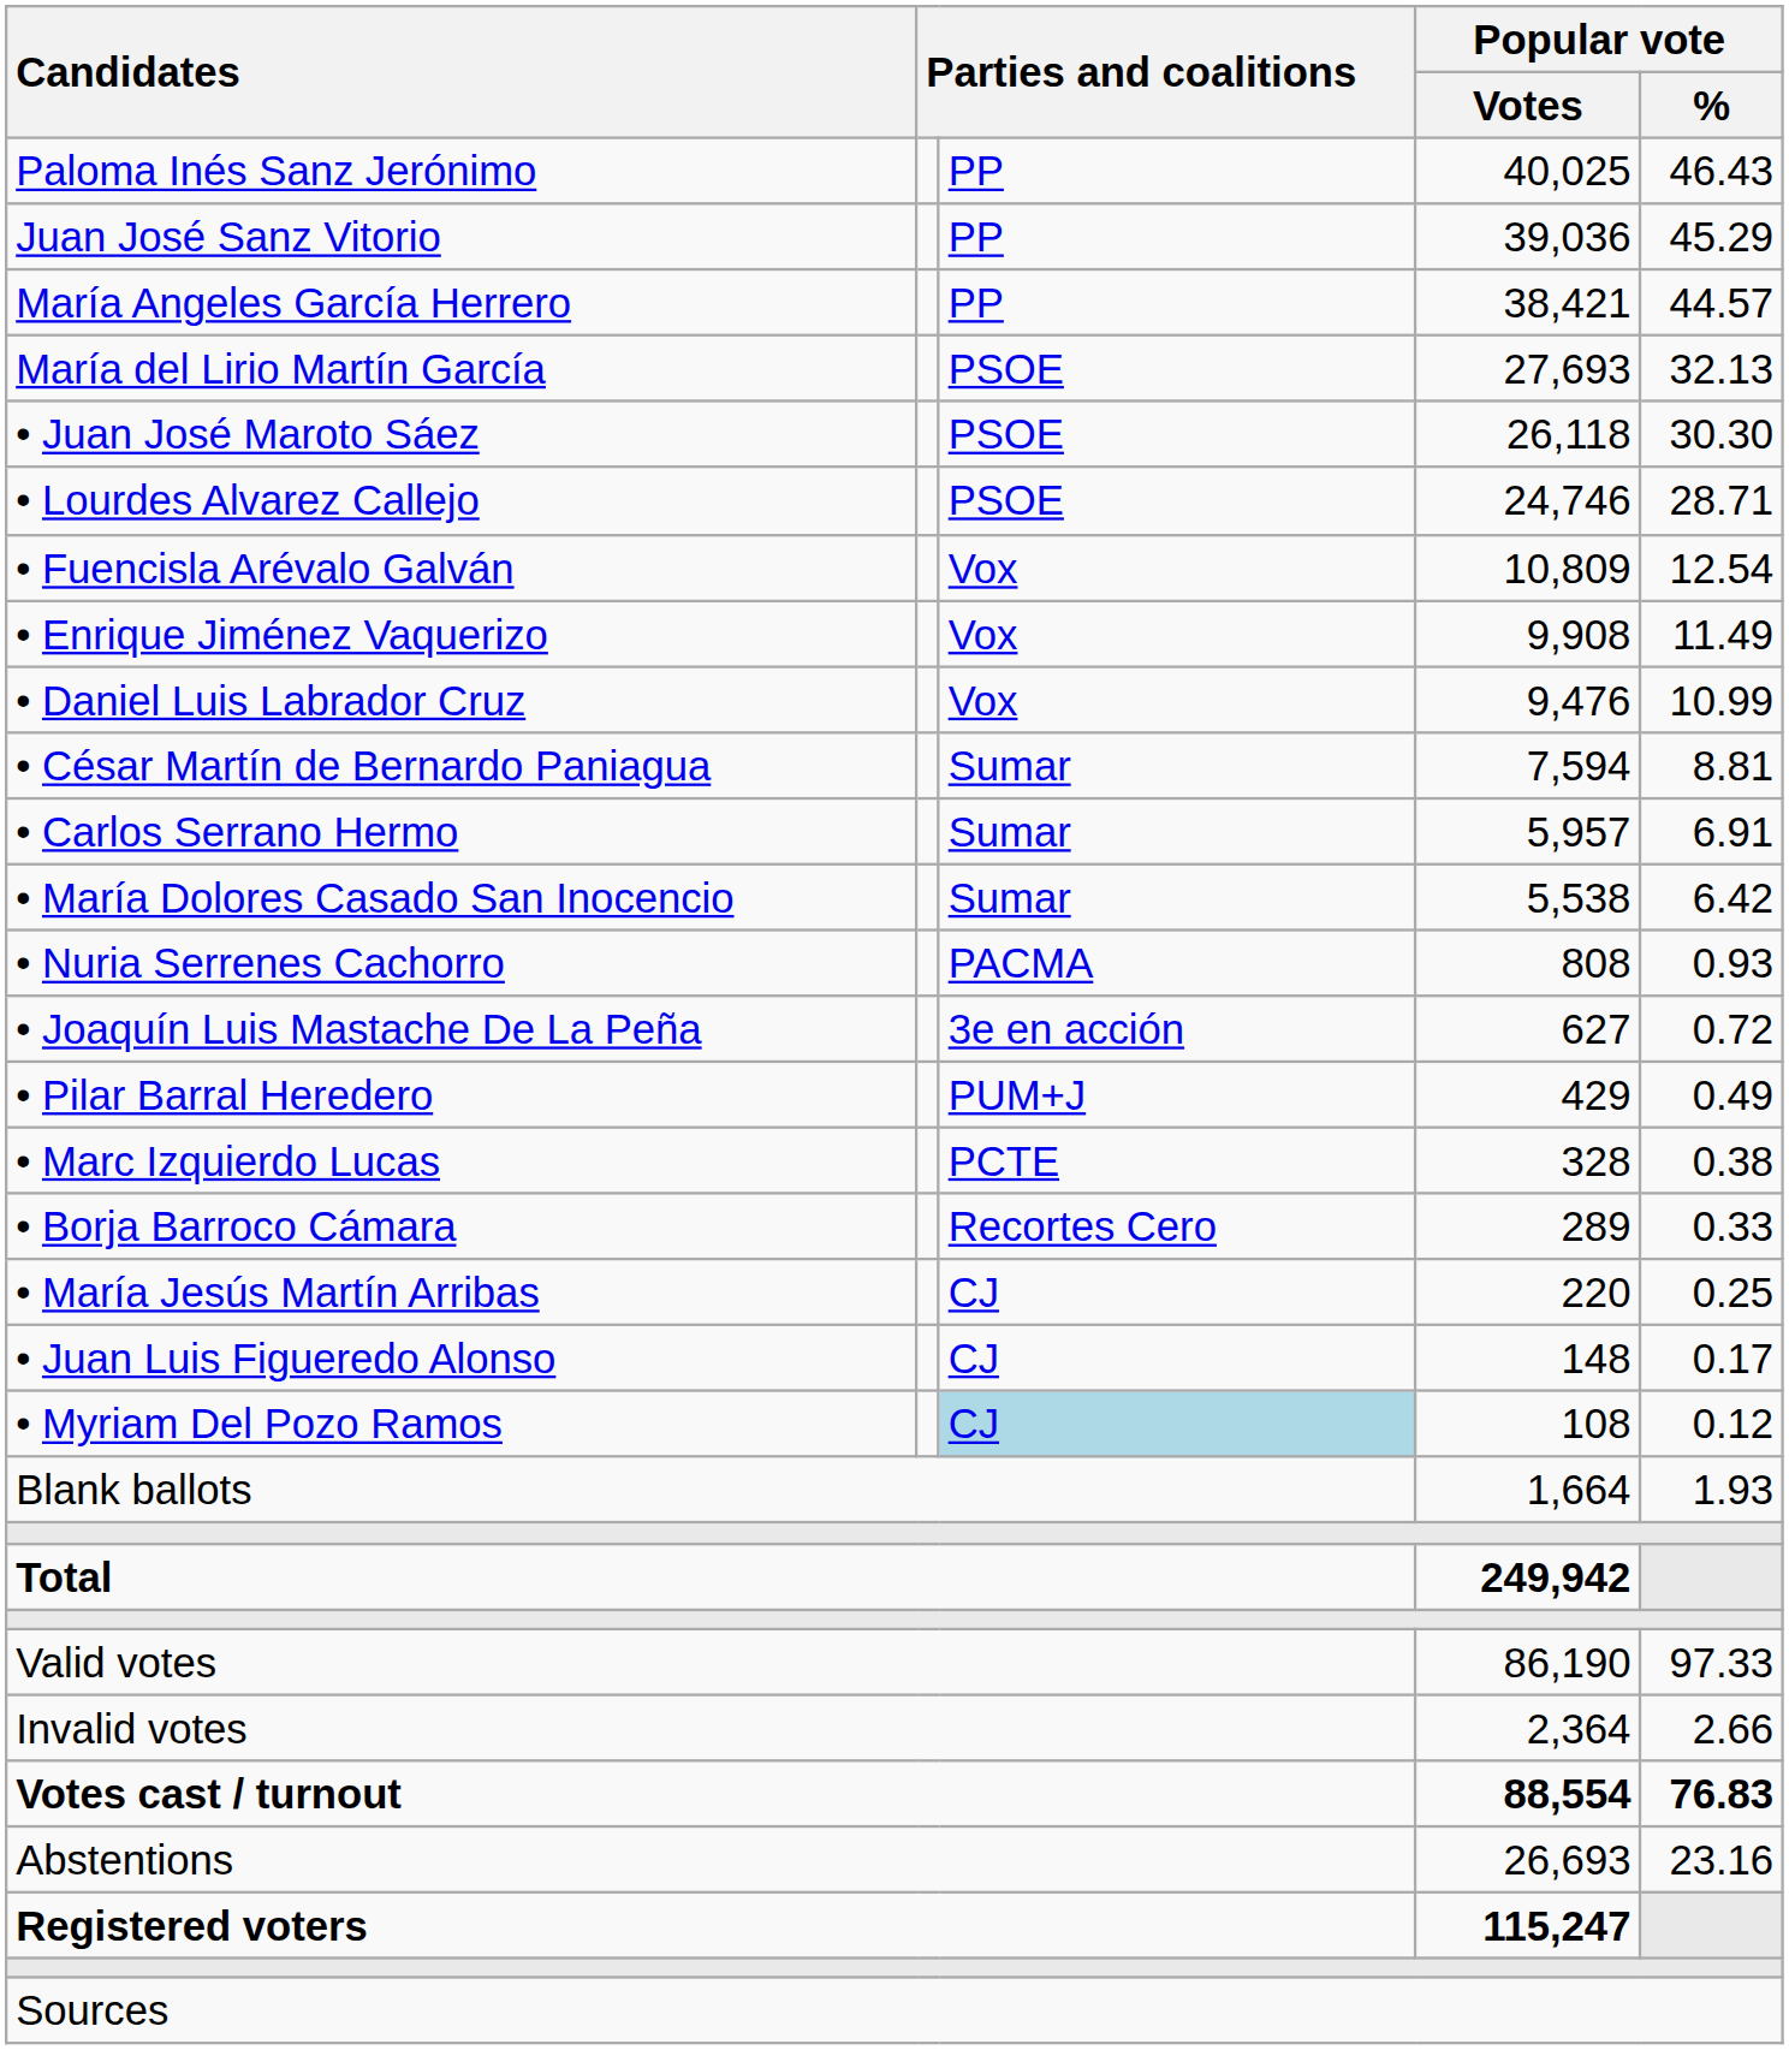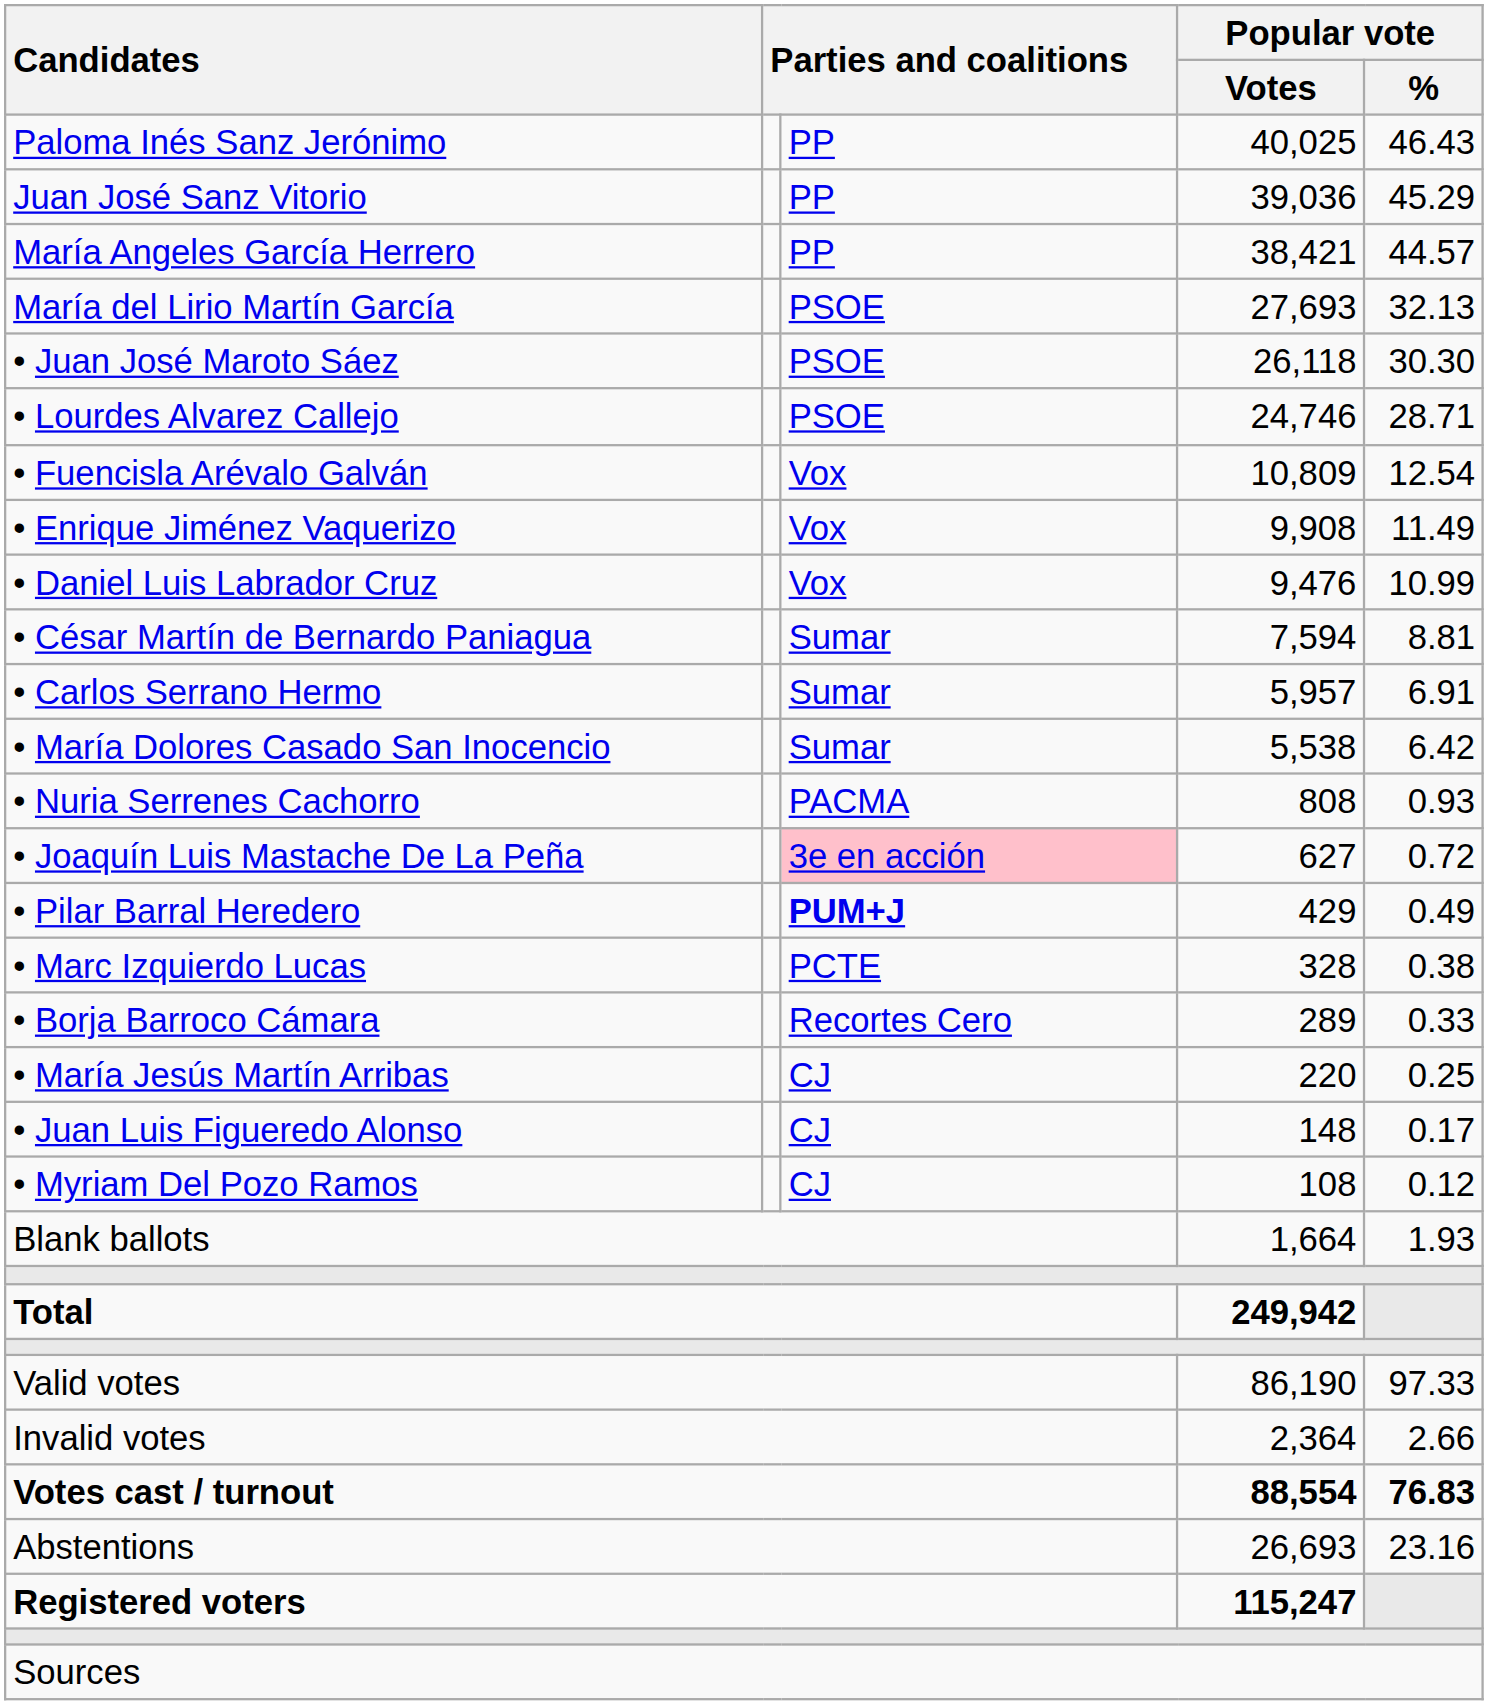 <table class="wikitable" style="text-align:right; font-size:95%;">
 <tr>
 <th style="text-align:left;" rowspan="2" width="325">Candidates</th>
 <th style="text-align:left;" rowspan="2" colspan="2" width="175">Parties and coalitions</th>
 <th colspan="2">Popular vote</th>
 </tr>
 <tr>
 <th width="75">Votes</th>
 <th width="45">%</th>
 </tr>
 <tr>
 <td align="left"> <a href='#'>Paloma Inés Sanz Jerónimo</a></td>
 <td width="1" style="color:inherit;background:"></td>
 <td align="left"><a href='#'>PP</a></td>
 <td>40,025</td>
 <td>46.43</td>
 </tr>
 <tr>
 <td align="left"> <a href='#'>Juan José Sanz Vitorio</a></td>
 <td width="1" style="color:inherit;background:"></td>
 <td align="left"><a href='#'>PP</a></td>
 <td>39,036</td>
 <td>45.29</td>
 </tr>
 <tr>
 <td align="left"> <a href='#'>María Angeles García Herrero</a></td>
 <td width="1" style="color:inherit;background:"></td>
 <td align="left"><a href='#'>PP</a></td>
 <td>38,421</td>
 <td>44.57</td>
 </tr>
 <tr>
 <td align="left"> <a href='#'>María del Lirio Martín García</a></td>
 <td width="1" style="color:inherit;background:"></td>
 <td align="left"><a href='#'>PSOE</a></td>
 <td>27,693</td>
 <td>32.13</td>
 </tr>
 <tr>
 <td align="left">• <a href='#'>Juan José Maroto Sáez</a></td>
 <td width="1" style="color:inherit;background:"></td>
 <td align="left"><a href='#'>PSOE</a></td>
 <td>26,118</td>
 <td>30.30</td>
 </tr>
 <tr>
 <td align="left">• <a href='#'>Lourdes Alvarez Callejo</a></td>
 <td width="1" style="color:inherit;background:"></td>
 <td align="left"><a href='#'>PSOE</a></td>
 <td>24,746</td>
 <td>28.71</td>
 </tr>
 <tr>
 <td align="left">• <a href='#'>Fuencisla Arévalo Galván</a></td>
 <td width="1" style="color:inherit;background:"></td>
 <td align="left"><a href='#'>Vox</a></td>
 <td>10,809</td>
 <td>12.54</td>
 </tr>
 <tr>
 <td align="left">• <a href='#'>Enrique Jiménez Vaquerizo</a></td>
 <td width="1" style="color:inherit;background:"></td>
 <td align="left"><a href='#'>Vox</a></td>
 <td>9,908</td>
 <td>11.49</td>
 </tr>
 <tr>
 <td align="left">• <a href='#'>Daniel Luis Labrador Cruz</a></td>
 <td width="1" style="color:inherit;background:"></td>
 <td align="left"><a href='#'>Vox</a></td>
 <td>9,476</td>
 <td>10.99</td>
 </tr>
 <tr>
 <td align="left">• <a href='#'>César Martín de Bernardo Paniagua</a></td>
 <td width="1" style="color:inherit;background:"></td>
 <td align="left"><a href='#'>Sumar</a></td>
 <td>7,594</td>
 <td>8.81</td>
 </tr>
 <tr>
 <td align="left">• <a href='#'>Carlos Serrano Hermo</a></td>
 <td width="1" style="color:inherit;background:"></td>
 <td align="left"><a href='#'>Sumar</a></td>
 <td>5,957</td>
 <td>6.91</td>
 </tr>
 <tr>
 <td align="left">• <a href='#'>María Dolores Casado San Inocencio</a></td>
 <td width="1" style="color:inherit;background:"></td>
 <td align="left"><a href='#'>Sumar</a></td>
 <td>5,538</td>
 <td>6.42</td>
 </tr>
 <tr>
 <td align="left">• <a href='#'>Nuria Serrenes Cachorro</a></td>
 <td width="1" style="color:inherit;background:"></td>
 <td align="left"><a href='#'>PACMA</a></td>
 <td>808</td>
 <td>0.93</td>
 </tr>
 <tr>
 <td align="left">• <a href='#'>Joaquín Luis Mastache De La Peña</a></td>
 <td width="1" style="color:inherit;background:"></td>
-<td align="left"><a href='#'>3e en acción</a></td>
+<td align="left" style="background: pink;"><a href='#'>3e en acción</a></td>
 <td>627</td>
 <td>0.72</td>
 </tr>
 <tr>
 <td align="left">• <a href='#'>Pilar Barral Heredero</a></td>
 <td width="1" style="color:inherit;background:"></td>
-<td align="left"><a href='#'>PUM+J</a></td>
+<td align="left"><strong><a href='#'>PUM+J</a></strong></td>
 <td>429</td>
 <td>0.49</td>
 </tr>
 <tr>
 <td align="left">• <a href='#'>Marc Izquierdo Lucas</a></td>
 <td width="1" style="color:inherit;background:"></td>
 <td align="left"><a href='#'>PCTE</a></td>
 <td>328</td>
 <td>0.38</td>
 </tr>
 <tr>
 <td align="left">• <a href='#'>Borja Barroco Cámara</a></td>
 <td width="1" style="color:inherit;background:"></td>
 <td align="left"><a href='#'>Recortes Cero</a></td>
 <td>289</td>
 <td>0.33</td>
 </tr>
 <tr>
 <td align="left">• <a href='#'>María Jesús Martín Arribas</a></td>
 <td width="1" style="color:inherit;background:"></td>
 <td align="left"><a href='#'>CJ</a></td>
 <td>220</td>
 <td>0.25</td>
 </tr>
 <tr>
 <td align="left">• <a href='#'>Juan Luis Figueredo Alonso</a></td>
 <td width="1" style="color:inherit;background:"></td>
 <td align="left"><a href='#'>CJ</a></td>
 <td>148</td>
 <td>0.17</td>
 </tr>
 <tr>
 <td align="left">• <a href='#'>Myriam Del Pozo Ramos</a></td>
 <td width="1" style="color:inherit;background:"></td>
-<td align="left" style="background: lightblue;"><a href='#'>CJ</a></td>
+<td align="left"><a href='#'>CJ</a></td>
 <td>108</td>
 <td>0.12</td>
 </tr>
 <tr>
 <td align="left" colspan="3">Blank ballots</td>
 <td>1,664</td>
 <td>1.93</td>
 </tr>
 <tr>
 <td colspan="5" bgcolor="#E9E9E9"></td>
 </tr>
 <tr style="font-weight:bold;">
 <td align="left" colspan="3">Total</td>
 <td>249,942</td>
 <td bgcolor="#E9E9E9"></td>
 </tr>
 <tr>
 <td colspan="5" bgcolor="#E9E9E9"></td>
 </tr>
 <tr>
 <td align="left" colspan="3">Valid votes</td>
 <td>86,190</td>
 <td>97.33</td>
 </tr>
 <tr>
 <td align="left" colspan="3">Invalid votes</td>
 <td>2,364</td>
 <td>2.66</td>
 </tr>
 <tr style="font-weight:bold;">
 <td align="left" colspan="3">Votes cast / turnout</td>
 <td>88,554</td>
 <td>76.83</td>
 </tr>
 <tr>
 <td align="left" colspan="3">Abstentions</td>
 <td>26,693</td>
 <td>23.16</td>
 </tr>
 <tr style="font-weight:bold;">
 <td align="left" colspan="3">Registered voters</td>
 <td>115,247</td>
 <td bgcolor="#E9E9E9"></td>
 </tr>
 <tr>
 <td colspan="5" bgcolor="#E9E9E9"></td>
 </tr>
 <tr>
 <td align="left" colspan="5">Sources</td>
 </tr>
 </table>
